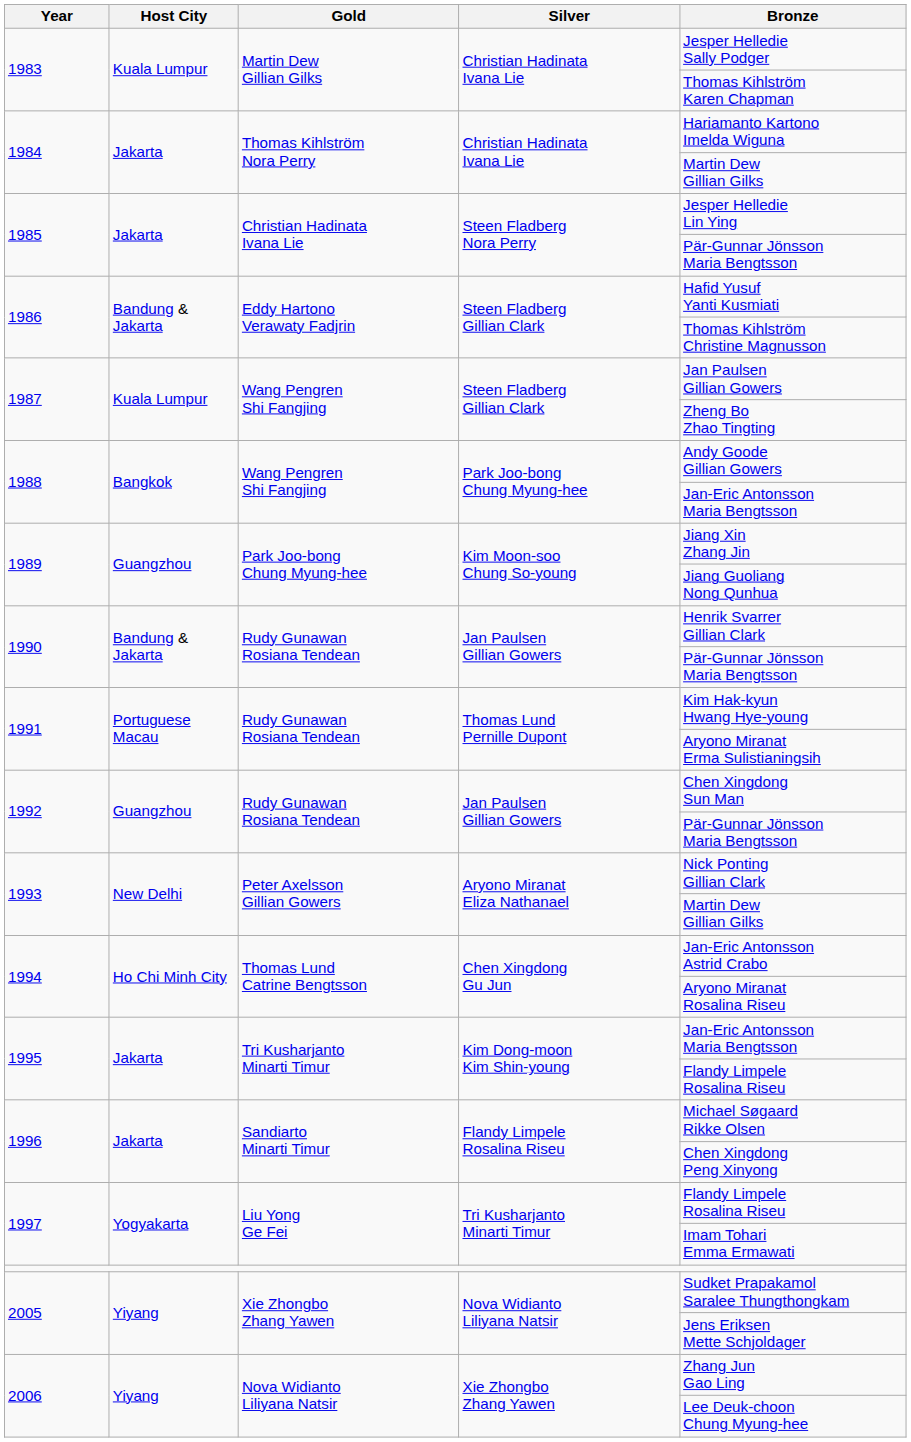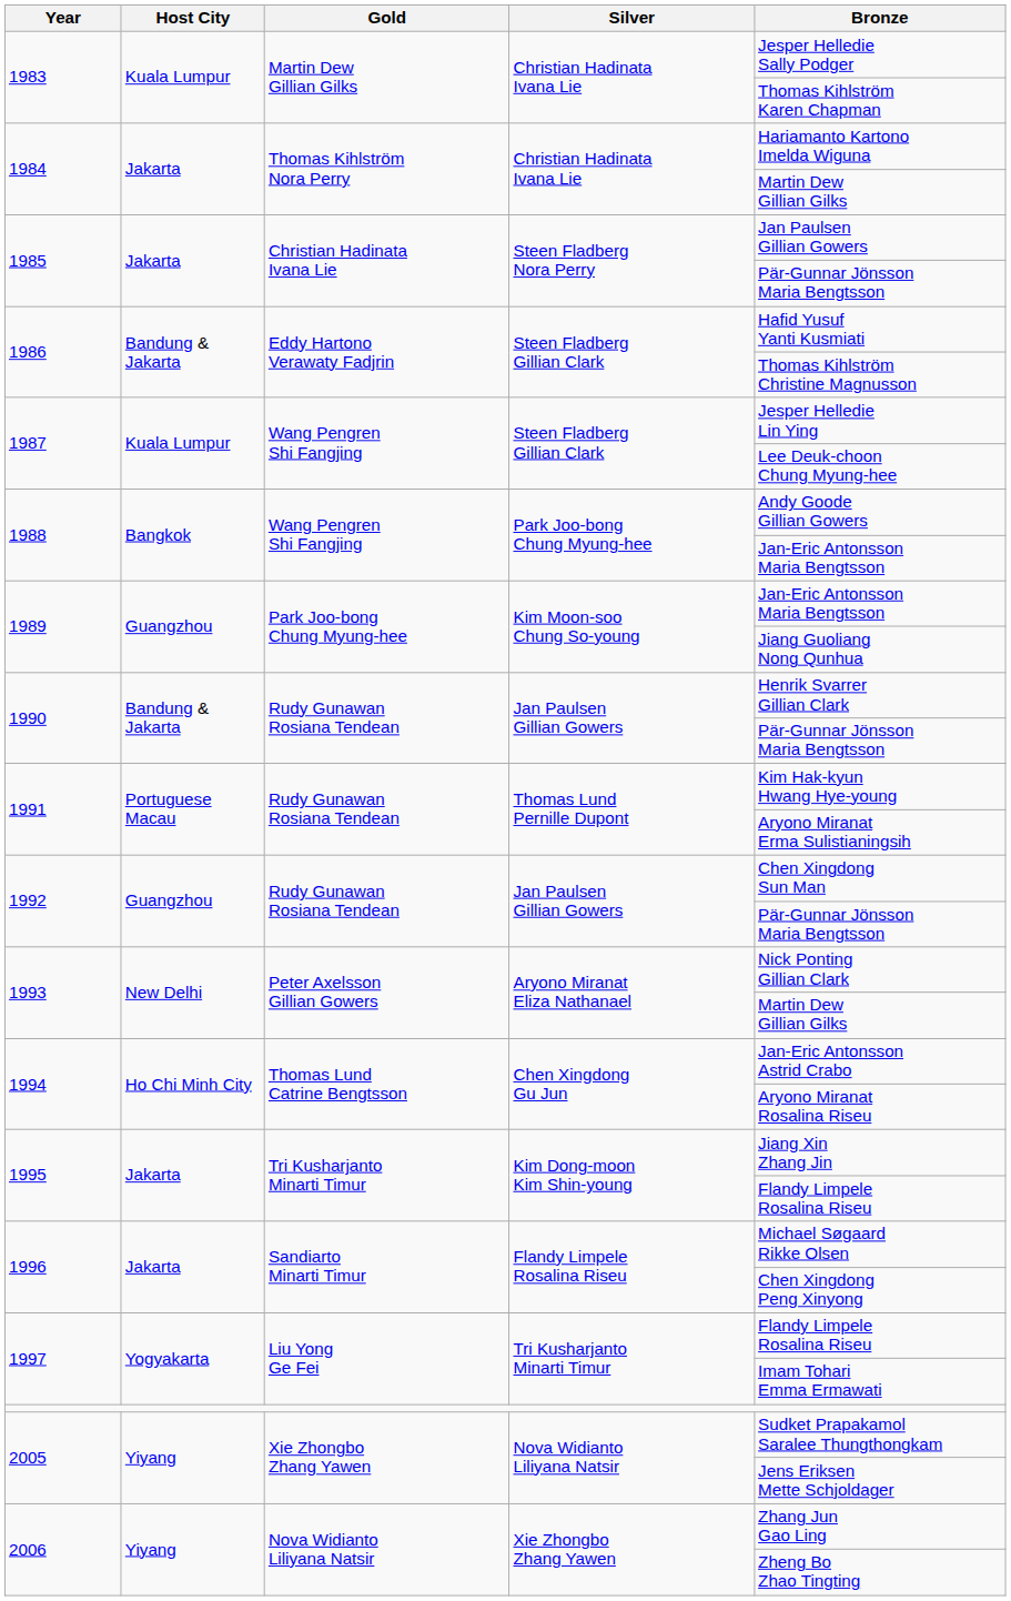 <table class="wikitable" style="text-align: left; width: 950px;">
 <tr>
 <th width="120">Year</th>
 <th width="140">Host City</th>
 <th width="260">Gold</th>
 <th width="260">Silver</th>
 <th width="260">Bronze</th>
 </tr>
 <tr>
 <td rowspan=2><a href='#'>1983</a></td>
 <td rowspan=2><a href='#'>Kuala Lumpur</a></td>
 <td rowspan=2> <a href='#'>Martin Dew</a><br> <a href='#'>Gillian Gilks</a></td>
 <td rowspan=2> <a href='#'>Christian Hadinata</a><br> <a href='#'>Ivana Lie</a></td>
 <td> <a href='#'>Jesper Helledie</a><br> <a href='#'>Sally Podger</a></td>
 </tr>
 <tr>
 <td> <a href='#'>Thomas Kihlström</a><br> <a href='#'>Karen Chapman</a></td>
 </tr>
 <tr>
 <td rowspan=2><a href='#'>1984</a></td>
 <td rowspan=2><a href='#'>Jakarta</a></td>
 <td rowspan=2> <a href='#'>Thomas Kihlström</a><br> <a href='#'>Nora Perry</a></td>
 <td rowspan=2> <a href='#'>Christian Hadinata</a><br> <a href='#'>Ivana Lie</a></td>
 <td> <a href='#'>Hariamanto Kartono</a><br> <a href='#'>Imelda Wiguna</a></td>
 </tr>
 <tr>
 <td> <a href='#'>Martin Dew</a><br> <a href='#'>Gillian Gilks</a></td>
 </tr>
 <tr>
 <td rowspan=2><a href='#'>1985</a></td>
 <td rowspan=2><a href='#'>Jakarta</a></td>
 <td rowspan=2> <a href='#'>Christian Hadinata</a><br> <a href='#'>Ivana Lie</a></td>
 <td rowspan=2> <a href='#'>Steen Fladberg</a><br> <a href='#'>Nora Perry</a></td>
-<td> <a href='#'>Jesper Helledie</a><br> <a href='#'>Lin Ying</a></td>
+<td> <a href='#'>Jan Paulsen</a><br> <a href='#'>Gillian Gowers</a></td>
 </tr>
 <tr>
 <td> <a href='#'>Pär-Gunnar Jönsson</a><br> <a href='#'>Maria Bengtsson</a></td>
 </tr>
 <tr>
 <td rowspan=2><a href='#'>1986</a></td>
 <td rowspan=2><a href='#'>Bandung</a> & <br><a href='#'>Jakarta</a></td>
 <td rowspan=2> <a href='#'>Eddy Hartono</a><br> <a href='#'>Verawaty Fadjrin</a></td>
 <td rowspan=2> <a href='#'>Steen Fladberg</a><br> <a href='#'>Gillian Clark</a></td>
 <td> <a href='#'>Hafid Yusuf</a><br> <a href='#'>Yanti Kusmiati</a></td>
 </tr>
 <tr>
 <td> <a href='#'>Thomas Kihlström</a><br> <a href='#'>Christine Magnusson</a></td>
 </tr>
 <tr>
 <td rowspan=2><a href='#'>1987</a></td>
 <td rowspan=2><a href='#'>Kuala Lumpur</a></td>
 <td rowspan=2> <a href='#'>Wang Pengren</a><br> <a href='#'>Shi Fangjing</a></td>
 <td rowspan=2> <a href='#'>Steen Fladberg</a><br> <a href='#'>Gillian Clark</a></td>
-<td> <a href='#'>Jan Paulsen</a><br> <a href='#'>Gillian Gowers</a></td>
+<td> <a href='#'>Jesper Helledie</a><br> <a href='#'>Lin Ying</a></td>
 </tr>
 <tr>
-<td> <a href='#'>Zheng Bo</a><br> <a href='#'>Zhao Tingting</a></td>
+<td> <a href='#'>Lee Deuk-choon</a><br> <a href='#'>Chung Myung-hee</a></td>
 </tr>
 <tr>
 <td rowspan=2><a href='#'>1988</a></td>
 <td rowspan=2><a href='#'>Bangkok</a></td>
 <td rowspan=2> <a href='#'>Wang Pengren</a><br> <a href='#'>Shi Fangjing</a></td>
 <td rowspan=2> <a href='#'>Park Joo-bong</a><br> <a href='#'>Chung Myung-hee</a></td>
 <td> <a href='#'>Andy Goode</a><br> <a href='#'>Gillian Gowers</a></td>
 </tr>
 <tr>
 <td> <a href='#'>Jan-Eric Antonsson</a><br> <a href='#'>Maria Bengtsson</a></td>
 </tr>
 <tr>
 <td rowspan=2><a href='#'>1989</a></td>
 <td rowspan=2><a href='#'>Guangzhou</a></td>
 <td rowspan=2> <a href='#'>Park Joo-bong</a><br> <a href='#'>Chung Myung-hee</a></td>
 <td rowspan=2> <a href='#'>Kim Moon-soo</a><br> <a href='#'>Chung So-young</a></td>
-<td> <a href='#'>Jiang Xin</a><br> <a href='#'>Zhang Jin</a></td>
+<td> <a href='#'>Jan-Eric Antonsson</a><br> <a href='#'>Maria Bengtsson</a></td>
 </tr>
 <tr>
 <td> <a href='#'>Jiang Guoliang</a><br> <a href='#'>Nong Qunhua</a></td>
 </tr>
 <tr>
 <td rowspan=2><a href='#'>1990</a></td>
 <td rowspan=2><a href='#'>Bandung</a> & <br><a href='#'>Jakarta</a></td>
 <td rowspan=2> <a href='#'>Rudy Gunawan</a><br> <a href='#'>Rosiana Tendean</a></td>
 <td rowspan=2> <a href='#'>Jan Paulsen</a><br> <a href='#'>Gillian Gowers</a></td>
 <td> <a href='#'>Henrik Svarrer</a><br> <a href='#'>Gillian Clark</a></td>
 </tr>
 <tr>
 <td> <a href='#'>Pär-Gunnar Jönsson</a><br> <a href='#'>Maria Bengtsson</a></td>
 </tr>
 <tr>
 <td rowspan=2><a href='#'>1991</a></td>
 <td rowspan=2><a href='#'>Portuguese Macau</a></td>
 <td rowspan=2> <a href='#'>Rudy Gunawan</a><br> <a href='#'>Rosiana Tendean</a></td>
 <td rowspan=2> <a href='#'>Thomas Lund</a><br> <a href='#'>Pernille Dupont</a></td>
 <td> <a href='#'>Kim Hak-kyun</a><br> <a href='#'>Hwang Hye-young</a></td>
 </tr>
 <tr>
 <td> <a href='#'>Aryono Miranat</a><br> <a href='#'>Erma Sulistianingsih</a></td>
 </tr>
 <tr>
 <td rowspan=2><a href='#'>1992</a></td>
 <td rowspan=2><a href='#'>Guangzhou</a></td>
 <td rowspan=2> <a href='#'>Rudy Gunawan</a><br> <a href='#'>Rosiana Tendean</a></td>
 <td rowspan=2> <a href='#'>Jan Paulsen</a><br> <a href='#'>Gillian Gowers</a></td>
 <td> <a href='#'>Chen Xingdong</a><br> <a href='#'>Sun Man</a></td>
 </tr>
 <tr>
 <td> <a href='#'>Pär-Gunnar Jönsson</a><br> <a href='#'>Maria Bengtsson</a></td>
 </tr>
 <tr>
 <td rowspan=2><a href='#'>1993</a></td>
 <td rowspan=2><a href='#'>New Delhi</a></td>
 <td rowspan=2> <a href='#'>Peter Axelsson</a><br> <a href='#'>Gillian Gowers</a></td>
 <td rowspan=2> <a href='#'>Aryono Miranat</a><br> <a href='#'>Eliza Nathanael</a></td>
 <td> <a href='#'>Nick Ponting</a><br> <a href='#'>Gillian Clark</a></td>
 </tr>
 <tr>
 <td> <a href='#'>Martin Dew</a><br> <a href='#'>Gillian Gilks</a></td>
 </tr>
 <tr>
 <td rowspan=2><a href='#'>1994</a></td>
 <td rowspan=2><a href='#'>Ho Chi Minh City</a></td>
 <td rowspan=2> <a href='#'>Thomas Lund</a><br> <a href='#'>Catrine Bengtsson</a></td>
 <td rowspan=2> <a href='#'>Chen Xingdong</a><br> <a href='#'>Gu Jun</a></td>
 <td> <a href='#'>Jan-Eric Antonsson</a><br> <a href='#'>Astrid Crabo</a></td>
 </tr>
 <tr>
 <td> <a href='#'>Aryono Miranat</a><br> <a href='#'>Rosalina Riseu</a></td>
 </tr>
 <tr>
 <td rowspan=2><a href='#'>1995</a></td>
 <td rowspan=2><a href='#'>Jakarta</a></td>
 <td rowspan=2> <a href='#'>Tri Kusharjanto</a><br> <a href='#'>Minarti Timur</a></td>
 <td rowspan=2> <a href='#'>Kim Dong-moon</a><br> <a href='#'>Kim Shin-young</a></td>
-<td> <a href='#'>Jan-Eric Antonsson</a><br> <a href='#'>Maria Bengtsson</a></td>
+<td> <a href='#'>Jiang Xin</a><br> <a href='#'>Zhang Jin</a></td>
 </tr>
 <tr>
 <td> <a href='#'>Flandy Limpele</a><br> <a href='#'>Rosalina Riseu</a></td>
 </tr>
 <tr>
 <td rowspan=2><a href='#'>1996</a></td>
 <td rowspan=2><a href='#'>Jakarta</a></td>
 <td rowspan=2> <a href='#'>Sandiarto</a><br> <a href='#'>Minarti Timur</a></td>
 <td rowspan=2> <a href='#'>Flandy Limpele</a><br> <a href='#'>Rosalina Riseu</a></td>
 <td> <a href='#'>Michael Søgaard</a><br> <a href='#'>Rikke Olsen</a></td>
 </tr>
 <tr>
 <td> <a href='#'>Chen Xingdong</a><br> <a href='#'>Peng Xinyong</a></td>
 </tr>
 <tr>
 <td rowspan=2><a href='#'>1997</a></td>
 <td rowspan=2><a href='#'>Yogyakarta</a></td>
 <td rowspan=2> <a href='#'>Liu Yong</a><br> <a href='#'>Ge Fei</a></td>
 <td rowspan=2> <a href='#'>Tri Kusharjanto</a><br> <a href='#'>Minarti Timur</a></td>
 <td> <a href='#'>Flandy Limpele</a><br> <a href='#'>Rosalina Riseu</a></td>
 </tr>
 <tr>
 <td> <a href='#'>Imam Tohari</a><br> <a href='#'>Emma Ermawati</a></td>
 </tr>
 <tr>
 <td colspan=6></td>
 </tr>
 <tr>
 <td rowspan=2><a href='#'>2005</a></td>
 <td rowspan=2><a href='#'>Yiyang</a></td>
 <td rowspan=2> <a href='#'>Xie Zhongbo</a><br> <a href='#'>Zhang Yawen</a></td>
 <td rowspan=2> <a href='#'>Nova Widianto</a><br> <a href='#'>Liliyana Natsir</a></td>
 <td> <a href='#'>Sudket Prapakamol</a><br> <a href='#'>Saralee Thungthongkam</a></td>
 </tr>
 <tr>
 <td> <a href='#'>Jens Eriksen</a><br> <a href='#'>Mette Schjoldager</a></td>
 </tr>
 <tr>
 <td rowspan=2><a href='#'>2006</a></td>
 <td rowspan=2><a href='#'>Yiyang</a></td>
 <td rowspan=2> <a href='#'>Nova Widianto</a><br> <a href='#'>Liliyana Natsir</a></td>
 <td rowspan=2> <a href='#'>Xie Zhongbo</a><br> <a href='#'>Zhang Yawen</a></td>
 <td> <a href='#'>Zhang Jun</a><br> <a href='#'>Gao Ling</a></td>
 </tr>
 <tr>
-<td> <a href='#'>Lee Deuk-choon</a><br> <a href='#'>Chung Myung-hee</a></td>
+<td> <a href='#'>Zheng Bo</a><br> <a href='#'>Zhao Tingting</a></td>
 </tr>
 </table>
